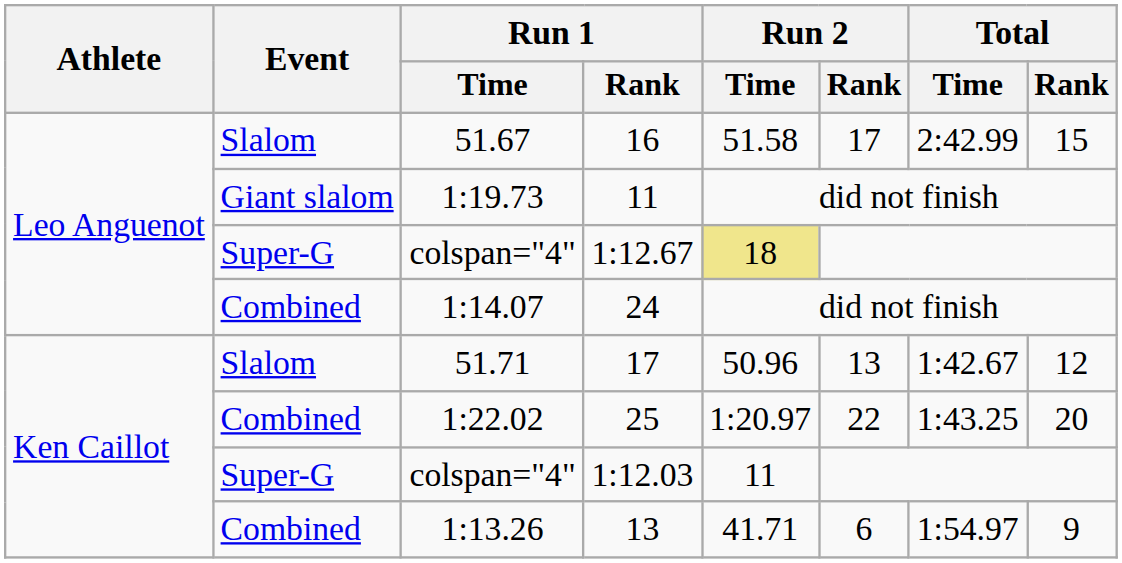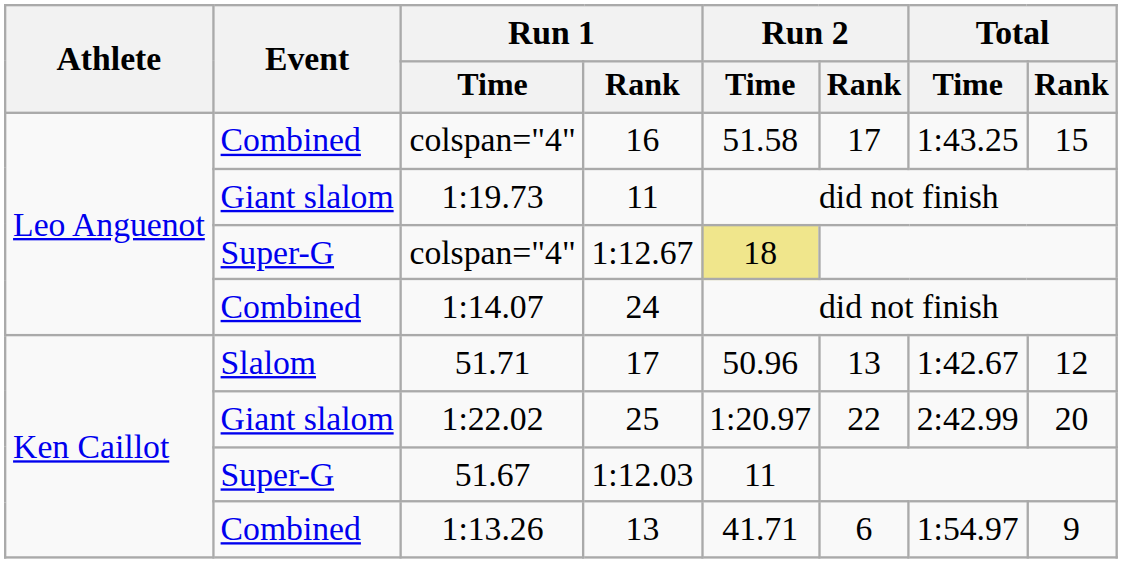 <table class="wikitable" style="font-size:90%">
 <tr>
 <th rowspan=2>Athlete</th>
 <th rowspan=2>Event</th>
 <th colspan=2>Run 1</th>
 <th colspan=2>Run 2</th>
 <th colspan=2>Total</th>
 </tr>
 <tr style="font-size:95%">
 <th>Time</th>
 <th>Rank</th>
 <th>Time</th>
 <th>Rank</th>
 <th>Time</th>
 <th>Rank</th>
 </tr>
 <tr align=center>
 <td align="left" rowspan="4"><a href='#'>Leo Anguenot</a></td>
-<td align="left"><a href='#'>Slalom</a></td>
-<td>51.67</td>
+<td align="left"><a href='#'>Combined</a></td>
+<td>colspan="4" </td>
 <td>16</td>
 <td>51.58</td>
 <td>17</td>
-<td>2:42.99</td>
+<td>1:43.25</td>
 <td>15</td>
 </tr>
 <tr align=center>
 <td align="left"><a href='#'>Giant slalom</a></td>
 <td>1:19.73</td>
 <td>11</td>
 <td colspan=4>did not finish</td>
 </tr>
 <tr align=center>
 <td align="left"><a href='#'>Super-G</a></td>
 <td>colspan="4" </td>
 <td>1:12.67</td>
 <td style="background: khaki;">18</td>
 </tr>
 <tr align=center>
 <td align="left"><a href='#'>Combined</a></td>
 <td>1:14.07</td>
 <td>24</td>
 <td colspan=4>did not finish</td>
 </tr>
 <tr align=center>
 <td align="left" rowspan="4"><a href='#'>Ken Caillot</a></td>
 <td align="left"><a href='#'>Slalom</a></td>
 <td>51.71</td>
 <td>17</td>
 <td>50.96</td>
 <td>13</td>
 <td>1:42.67</td>
 <td>12</td>
 </tr>
 <tr align=center>
-<td align="left"><a href='#'>Combined</a></td>
+<td align="left"><a href='#'>Giant slalom</a></td>
 <td>1:22.02</td>
 <td>25</td>
 <td>1:20.97</td>
 <td>22</td>
-<td>1:43.25</td>
+<td>2:42.99</td>
 <td>20</td>
 </tr>
 <tr align=center>
 <td align="left"><a href='#'>Super-G</a></td>
-<td>colspan="4" </td>
+<td>51.67</td>
 <td>1:12.03</td>
 <td>11</td>
 </tr>
 <tr align=center>
 <td align="left"><a href='#'>Combined</a></td>
 <td>1:13.26</td>
 <td>13</td>
 <td>41.71</td>
 <td>6</td>
 <td>1:54.97</td>
 <td>9</td>
 </tr>
 </table>
